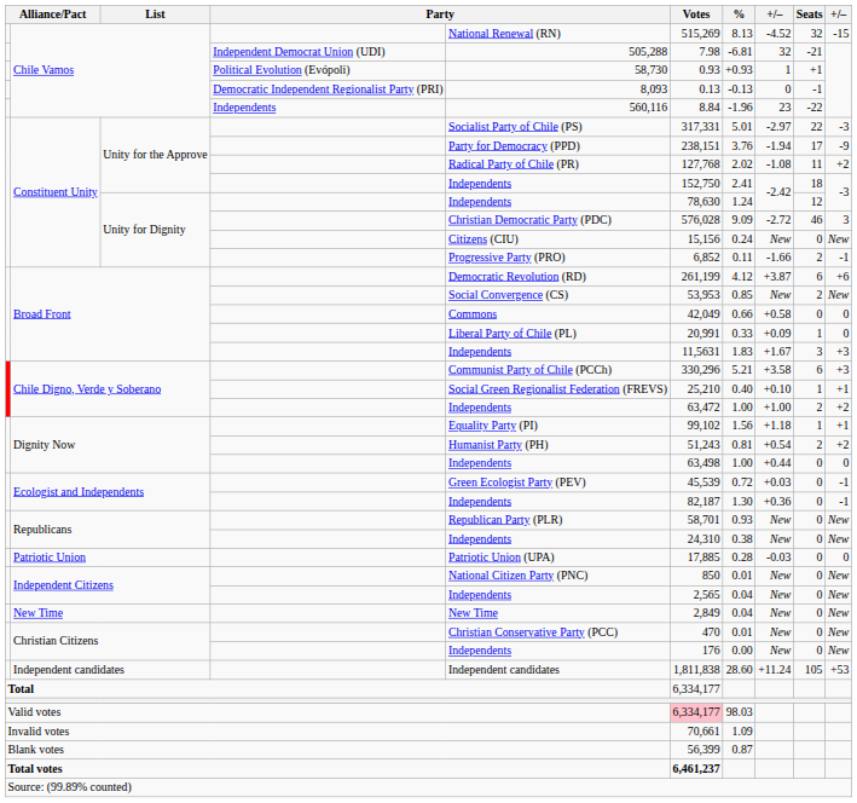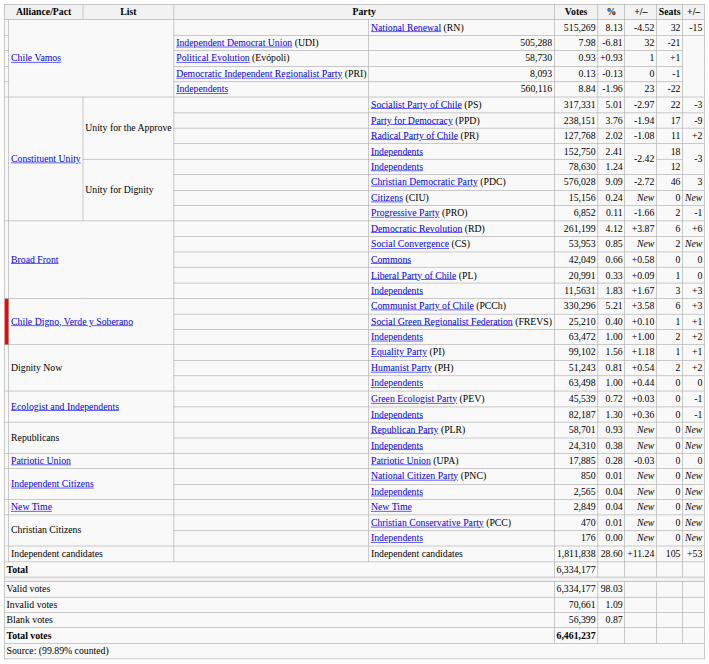 <table class="wikitable sortable">
 <tr>
 <th colspan="2">Alliance/Pact</th>
 <th>List</th>
 <th colspan="2">Party</th>
 <th>Votes</th>
 <th>%</th>
 <th>+/–</th>
 <th>Seats</th>
 <th>+/–</th>
 </tr>
 <tr>
 <td></td>
 <td colspan="2" rowspan="5"><a href='#'>Chile Vamos</a></td>
 <td></td>
 <td><a href='#'>National Renewal</a> (RN)</td>
 <td align="right">515,269</td>
 <td align="right">8.13</td>
 <td align="right">-4.52</td>
 <td align="right">32</td>
 <td align="right">-15</td>
 </tr>
 <tr>
 <td></td>
 <td><a href='#'>Independent Democrat Union</a> (UDI)</td>
 <td align="right">505,288</td>
 <td align="right">7.98</td>
 <td align="right">-6.81</td>
 <td align="right">32</td>
 <td align="right">-21</td>
 </tr>
 <tr>
 <td></td>
 <td><a href='#'>Political Evolution</a> (Evópoli)</td>
 <td align="right">58,730</td>
 <td align="right">0.93</td>
 <td align="right">+0.93</td>
 <td align="right">1</td>
 <td align="right">+1</td>
 </tr>
 <tr>
 <td></td>
 <td><a href='#'>Democratic Independent Regionalist Party</a> (PRI)</td>
 <td align="right">8,093</td>
 <td align="right">0.13</td>
 <td align="right">-0.13</td>
 <td align="right">0</td>
 <td align="right">-1</td>
 </tr>
 <tr>
 <td></td>
 <td><a href='#'>Independents</a></td>
 <td align="right">560,116</td>
 <td align="right">8.84</td>
 <td align="right">-1.96</td>
 <td align="right">23</td>
 <td align="right">-22</td>
 </tr>
 <tr>
 <td rowspan="8"></td>
 <td rowspan="8"><a href='#'>Constituent Unity</a></td>
 <td rowspan="4">Unity for the Approve</td>
 <td></td>
 <td><a href='#'>Socialist Party of Chile</a> (PS)</td>
 <td align="right">317,331</td>
 <td align="right">5.01</td>
 <td align="right">-2.97</td>
 <td align="right">22</td>
 <td align="right">-3</td>
 </tr>
 <tr>
 <td></td>
 <td><a href='#'>Party for Democracy</a> (PPD)</td>
 <td align="right">238,151</td>
 <td align="right">3.76</td>
 <td align="right">-1.94</td>
 <td align="right">17</td>
 <td align="right">-9</td>
 </tr>
 <tr>
 <td></td>
 <td><a href='#'>Radical Party of Chile</a> (PR)</td>
 <td align="right">127,768</td>
 <td align="right">2.02</td>
 <td align="right">-1.08</td>
 <td align="right">11</td>
 <td align="right">+2</td>
 </tr>
 <tr>
 <td></td>
 <td><a href='#'>Independents</a></td>
 <td align="right">152,750</td>
 <td align="right">2.41</td>
 <td rowspan="2" align="right">-2.42</td>
 <td align="right">18</td>
 <td align="right" rowspan="2">-3</td>
 </tr>
 <tr>
 <td rowspan="4">Unity for Dignity</td>
 <td></td>
 <td><a href='#'>Independents</a></td>
 <td align="right">78,630</td>
 <td align="right">1.24</td>
 <td align="right">12</td>
 </tr>
 <tr>
 <td></td>
 <td><a href='#'>Christian Democratic Party</a> (PDC)</td>
 <td align="right">576,028</td>
 <td align="right">9.09</td>
 <td align="right">-2.72</td>
 <td align="right">46</td>
 <td align="right">3</td>
 </tr>
 <tr>
 <td></td>
 <td><a href='#'>Citizens</a> (CIU)</td>
 <td align="right">15,156</td>
 <td align="right">0.24</td>
 <td align="right"><em>New</em></td>
 <td align="right">0</td>
 <td align="right"><em>New</em></td>
 </tr>
 <tr>
 <td></td>
 <td><a href='#'>Progressive Party</a> (PRO)</td>
 <td align="right">6,852</td>
 <td align="right">0.11</td>
 <td align="right">-1.66</td>
 <td align="right">2</td>
 <td align="right">-1</td>
 </tr>
 <tr>
 <td rowspan="5"></td>
 <td colspan="2" rowspan="5"><a href='#'>Broad Front</a></td>
 <td></td>
 <td><a href='#'>Democratic Revolution</a> (RD)</td>
 <td align="right">261,199</td>
 <td align="right">4.12</td>
 <td align="right">+3.87</td>
 <td align="right">6</td>
 <td align="right">+6</td>
 </tr>
 <tr>
 <td></td>
 <td><a href='#'>Social Convergence</a> (CS)</td>
 <td align="right">53,953</td>
 <td align="right">0.85</td>
 <td align="right"><em>New</em></td>
 <td align="right">2</td>
 <td align="right"><em>New</em></td>
 </tr>
 <tr>
 <td></td>
 <td><a href='#'>Commons</a></td>
 <td align="right">42,049</td>
 <td align="right">0.66</td>
 <td align="right">+0.58</td>
 <td align="right">0</td>
 <td align="right">0</td>
 </tr>
 <tr>
 <td></td>
 <td><a href='#'>Liberal Party of Chile</a> (PL)</td>
 <td align="right">20,991</td>
 <td align="right">0.33</td>
 <td align="right">+0.09</td>
 <td align="right">1</td>
 <td align="right">0</td>
 </tr>
 <tr>
 <td></td>
 <td><a href='#'>Independents</a></td>
 <td align="right">11,5631</td>
 <td align="right">1.83</td>
 <td align="right">+1.67</td>
 <td align="right">3</td>
 <td align="right">+3</td>
 </tr>
 <tr>
 <td bgcolor="red"  rowspan="3"></td>
 <td colspan="2" rowspan="3"><a href='#'>Chile Digno, Verde y Soberano</a></td>
 <td></td>
 <td><a href='#'>Communist Party of Chile</a> (PCCh)</td>
 <td align="right">330,296</td>
 <td align="right">5.21</td>
 <td align="right">+3.58</td>
 <td align="right">6</td>
 <td align="right">+3</td>
 </tr>
 <tr>
 <td></td>
 <td><a href='#'>Social Green Regionalist Federation</a> (FREVS)</td>
 <td align="right">25,210</td>
 <td align="right">0.40</td>
 <td align="right">+0.10</td>
 <td align="right">1</td>
 <td align="right">+1</td>
 </tr>
 <tr>
 <td></td>
 <td><a href='#'>Independents</a></td>
 <td align="right">63,472</td>
 <td align="right">1.00</td>
 <td align="right">+1.00</td>
 <td align="right">2</td>
 <td align="right">+2</td>
 </tr>
 <tr>
 <td rowspan="3"></td>
 <td colspan="2" rowspan="3">Dignity Now</td>
 <td></td>
 <td><a href='#'>Equality Party</a> (PI)</td>
 <td align="right">99,102</td>
 <td align="right">1.56</td>
 <td align="right">+1.18</td>
 <td align="right">1</td>
 <td align="right">+1</td>
 </tr>
 <tr>
 <td></td>
 <td><a href='#'>Humanist Party</a> (PH)</td>
 <td align="right">51,243</td>
 <td align="right">0.81</td>
 <td align="right">+0.54</td>
 <td align="right">2</td>
 <td align="right">+2</td>
 </tr>
 <tr>
 <td></td>
 <td><a href='#'>Independents</a></td>
 <td align="right">63,498</td>
 <td align="right">1.00</td>
 <td align="right">+0.44</td>
 <td align="right">0</td>
 <td align="right">0</td>
 </tr>
 <tr>
 <td rowspan="2"></td>
 <td colspan="2" rowspan="2"><a href='#'>Ecologist and Independents</a></td>
 <td></td>
 <td><a href='#'>Green Ecologist Party</a> (PEV)</td>
 <td align="right">45,539</td>
 <td align="right">0.72</td>
 <td align="right">+0.03</td>
 <td align="right">0</td>
 <td align="right">-1</td>
 </tr>
 <tr>
 <td></td>
 <td><a href='#'>Independents</a></td>
 <td align="right">82,187</td>
 <td align="right">1.30</td>
 <td align="right">+0.36</td>
 <td align="right">0</td>
 <td align="right">-1</td>
 </tr>
 <tr>
 <td rowspan="2"></td>
 <td colspan="2" rowspan="2">Republicans</td>
 <td></td>
 <td><a href='#'>Republican Party</a> (PLR)</td>
 <td align="right">58,701</td>
 <td align="right">0.93</td>
 <td align="right"><em>New</em></td>
 <td align="right">0</td>
 <td align="right"><em>New</em></td>
 </tr>
 <tr>
 <td></td>
 <td><a href='#'>Independents</a></td>
 <td align="right">24,310</td>
 <td align="right">0.38</td>
 <td align="right"><em>New</em></td>
 <td align="right">0</td>
 <td align="right"><em>New</em></td>
 </tr>
 <tr>
 <td></td>
 <td colspan="2"><a href='#'>Patriotic Union</a></td>
 <td></td>
 <td><a href='#'>Patriotic Union</a> (UPA)</td>
 <td align="right">17,885</td>
 <td align="right">0.28</td>
 <td align="right">-0.03</td>
 <td align="right">0</td>
 <td align="right">0</td>
 </tr>
 <tr>
 <td rowspan="2"></td>
 <td colspan="2" rowspan="2"><a href='#'>Independent Citizens</a></td>
 <td></td>
 <td><a href='#'>National Citizen Party</a> (PNC)</td>
 <td align="right">850</td>
 <td align="right">0.01</td>
 <td align="right"><em>New</em></td>
 <td align="right">0</td>
 <td align="right"><em>New</em></td>
 </tr>
 <tr>
 <td></td>
 <td><a href='#'>Independents</a></td>
 <td align="right">2,565</td>
 <td align="right">0.04</td>
 <td align="right"><em>New</em></td>
 <td align="right">0</td>
 <td align="right"><em>New</em></td>
 </tr>
 <tr>
 <td></td>
 <td colspan="2"><a href='#'>New Time</a></td>
 <td></td>
 <td><a href='#'>New Time</a></td>
 <td align="right">2,849</td>
 <td align="right">0.04</td>
 <td align="right"><em>New</em></td>
 <td align="right">0</td>
 <td align="right"><em>New</em></td>
 </tr>
 <tr>
 <td rowspan="2"></td>
 <td colspan="2" rowspan="2">Christian Citizens</td>
 <td></td>
 <td><a href='#'>Christian Conservative Party</a> (PCC)</td>
 <td align="right">470</td>
 <td align="right">0.01</td>
 <td align="right"><em>New</em></td>
 <td align="right">0</td>
 <td align="right"><em>New</em></td>
 </tr>
 <tr>
 <td></td>
 <td><a href='#'>Independents</a></td>
 <td align="right">176</td>
 <td align="right">0.00</td>
 <td align="right"><em>New</em></td>
 <td align="right">0</td>
 <td align="right"><em>New</em></td>
 </tr>
 <tr>
 <td></td>
 <td colspan="2">Independent candidates</td>
 <td></td>
 <td>Independent candidates</td>
 <td align="right">1,811,838</td>
 <td align="right">28.60</td>
 <td align="right">+11.24</td>
 <td align="right">105</td>
 <td align="right">+53</td>
 </tr>
 <tr>
 <td colspan="5"><strong>Total</strong></td>
 <td align="right">6,334,177</td>
 <td align="right"></td>
 <td align="right"></td>
 <td align="right"></td>
 <td></td>
 </tr>
 <tr>
 <th colspan="10"></th>
 </tr>
 <tr>
 <td colspan="5">Valid votes</td>
-<td align="right" style="background: pink;">6,334,177</td>
+<td align="right">6,334,177</td>
 <td align="right">98.03</td>
 <td></td>
 <td align="right"></td>
 <td></td>
 </tr>
 <tr>
 <td colspan="5">Invalid votes</td>
 <td align="right">70,661</td>
 <td align="right">1.09</td>
 <td></td>
 <td align="right"></td>
 <td></td>
 </tr>
 <tr>
 <td colspan="5">Blank votes</td>
 <td align="right">56,399</td>
 <td align="right">0.87</td>
 <td></td>
 <td align="right"></td>
 <td></td>
 </tr>
 <tr>
 <td colspan="5"><strong>Total votes</strong></td>
 <td align="right"><strong>6,461,237</strong></td>
 <td align="right"></td>
 <td></td>
 <td align="right"></td>
 <td></td>
 </tr>
 <tr>
 <td colspan="10">Source:  (99.89% counted)</td>
 </tr>
 </table>
